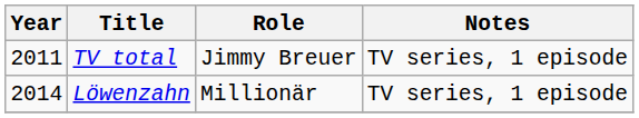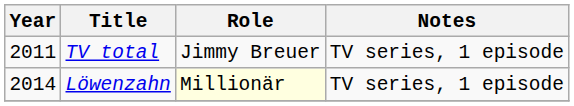 <table class="wikitable sortable">
 <tr>
 <th>Year</th>
 <th>Title</th>
 <th>Role</th>
 <th>Notes</th>
 </tr>
 <tr>
 <td>2011</td>
 <td><em><a href='#'>TV total</a></em></td>
 <td>Jimmy Breuer</td>
 <td>TV series, 1 episode</td>
 </tr>
 <tr>
 <td>2014</td>
 <td><em><a href='#'>Löwenzahn</a></em></td>
-<td>Millionär</td>
+<td style="background: lightyellow;">Millionär</td>
 <td>TV series, 1 episode</td>
 </tr>
 <tr>
 </tr>
 </table>
